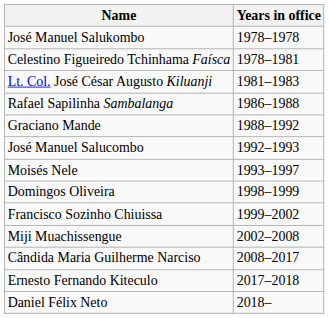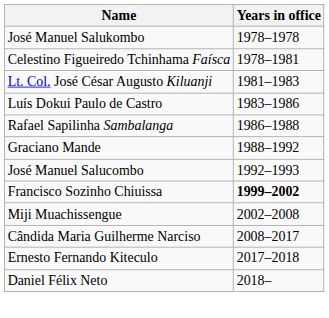 <table class="wikitable sortable">
 <tr>
 <th>Name</th>
 <th>Years in office</th>
 </tr>
 <tr>
 <td>José Manuel Salukombo</td>
 <td data-sort-value="01">1978–1978</td>
 </tr>
 <tr>
 <td>Celestino Figueiredo Tchinhama <em>Faísca</em></td>
 <td data-sort-value="04">1978–1981</td>
 </tr>
 <tr>
 <td><a href='#'>Lt. Col.</a> José César Augusto <em>Kiluanji</em></td>
 <td data-sort-value="03">1981–1983</td>
 </tr>
 <tr>
+<td>Luís Dokui Paulo de Castro</td>
+<td data-sort-value="01">1983–1986</td>
+</tr>
+<tr>
 <td>Rafael Sapilinha <em>Sambalanga</em></td>
 <td data-sort-value="03">1986–1988</td>
 </tr>
 <tr>
 <td>Graciano Mande</td>
 <td data-sort-value="05">1988–1992</td>
 </tr>
 <tr>
 <td>José Manuel Salucombo</td>
 <td data-sort-value="02">1992–1993</td>
 </tr>
 <tr>
-<td>Moisés Nele</td>
-<td data-sort-value="05">1993–1997</td>
-</tr>
-<tr>
-<td>Domingos Oliveira</td>
-<td data-sort-value="02">1998–1999</td>
-</tr>
-<tr>
 <td>Francisco Sozinho Chiuissa</td>
-<td data-sort-value="04">1999–2002</td>
+<td data-sort-value="04"><strong>1999–2002</strong></td>
 </tr>
 <tr>
 <td>Miji Muachissengue</td>
 <td data-sort-value="07">2002–2008</td>
 </tr>
 <tr>
 <td>Cândida Maria Guilherme Narciso</td>
 <td data-sort-value="10">2008–2017</td>
 </tr>
 <tr>
 <td>Ernesto Fernando Kiteculo</td>
 <td data-sort-value="02">2017–2018</td>
 </tr>
 <tr>
 <td>Daniel Félix Neto</td>
 <td data-sort-value="02">2018–</td>
 </tr>
 </table>
